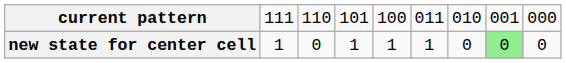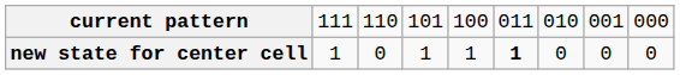 <table class="wikitable" style="text-align: center;">
 <tr>
 <th>current pattern</th>
 <td>111</td>
 <td>110</td>
 <td>101</td>
 <td>100</td>
 <td>011</td>
 <td>010</td>
 <td>001</td>
 <td>000</td>
 </tr>
 <tr>
 <th>new state for center cell</th>
 <td>1</td>
 <td>0</td>
 <td>1</td>
 <td>1</td>
-<td>1</td>
+<td><strong>1</strong></td>
 <td>0</td>
-<td style="background: lightgreen;">0</td>
+<td>0</td>
 <td>0</td>
 </tr>
 </table>
